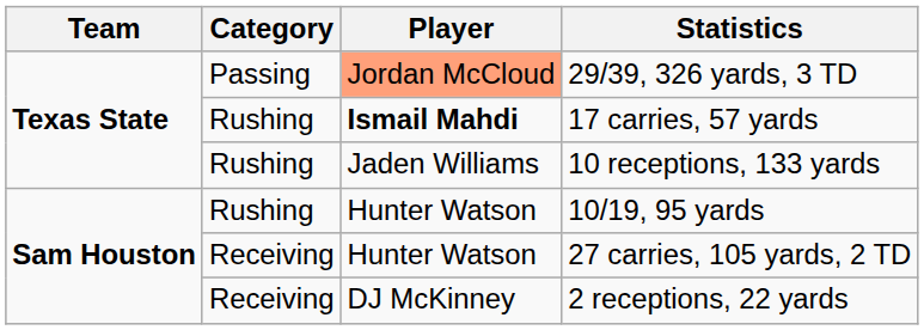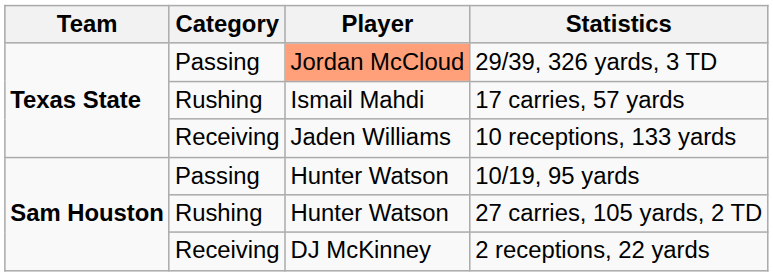 <table class="wikitable" style="float: right;">
 <tr>
 <th>Team</th>
 <th>Category</th>
 <th>Player</th>
 <th>Statistics</th>
 </tr>
 <tr>
 <td rowspan=3><strong>Texas State</strong></td>
 <td>Passing</td>
 <td style="background: lightsalmon;">Jordan McCloud</td>
 <td>29/39, 326 yards, 3 TD</td>
 </tr>
 <tr>
 <td>Rushing</td>
-<td><strong>Ismail Mahdi</strong></td>
+<td>Ismail Mahdi</td>
 <td>17 carries, 57 yards</td>
 </tr>
 <tr>
-<td>Rushing</td>
+<td>Receiving</td>
 <td>Jaden Williams</td>
 <td>10 receptions, 133 yards</td>
 </tr>
 <tr>
 <td rowspan=3><strong>Sam Houston</strong></td>
-<td>Rushing</td>
+<td>Passing</td>
 <td>Hunter Watson</td>
 <td>10/19, 95 yards</td>
 </tr>
 <tr>
-<td>Receiving</td>
+<td>Rushing</td>
 <td>Hunter Watson</td>
 <td>27 carries, 105 yards, 2 TD</td>
 </tr>
 <tr>
 <td>Receiving</td>
 <td>DJ McKinney</td>
 <td>2 receptions, 22 yards</td>
 </tr>
 </table>
